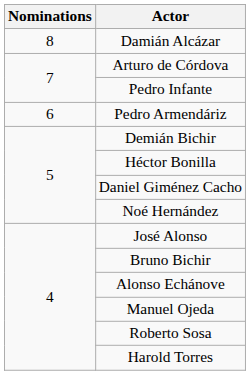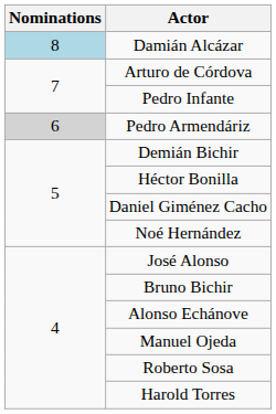 <table class="wikitable" rowspan=2 style="text-align: center;">
 <tr>
 <th scope="col" width="55">Nominations</th>
 <th scope="col" align="center">Actor</th>
 </tr>
 <tr>
-<td rowspan="1" style="text-align:center;">8</td>
+<td rowspan="1" style="background: lightblue; text-align:center;">8</td>
 <td>Damián Alcázar</td>
 </tr>
 <tr>
 <td rowspan="2" style="text-align:center;">7</td>
 <td>Arturo de Córdova</td>
 </tr>
 <tr>
 <td>Pedro Infante</td>
 </tr>
 <tr>
-<td rowspan="1" style="text-align:center;">6</td>
+<td rowspan="1" style="background: lightgrey; text-align:center;">6</td>
 <td>Pedro Armendáriz</td>
 </tr>
 <tr>
 <td rowspan="4" style="text-align:center;">5</td>
 <td>Demián Bichir</td>
 </tr>
 <tr>
 <td>Héctor Bonilla</td>
 </tr>
 <tr>
 <td>Daniel Giménez Cacho</td>
 </tr>
 <tr>
 <td>Noé Hernández</td>
 </tr>
 <tr>
 <td rowspan="6" style="text-align:center;">4</td>
 <td>José Alonso</td>
 </tr>
 <tr>
 <td>Bruno Bichir</td>
 </tr>
 <tr>
 <td>Alonso Echánove</td>
 </tr>
 <tr>
 <td>Manuel Ojeda</td>
 </tr>
 <tr>
 <td>Roberto Sosa</td>
 </tr>
 <tr>
 <td>Harold Torres</td>
 </tr>
 </table>
